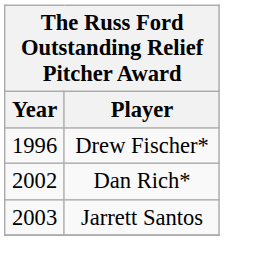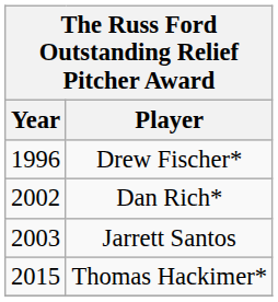 <table class="wikitable" style="display: inline-table; margin-right: 20px; text-align:center">
 <tr>
 <th scope="col" colspan="2" style="width: 145px;">The Russ Ford Outstanding Relief Pitcher Award</th>
 </tr>
 <tr>
 <th scope="col">Year</th>
 <th scope="col">Player</th>
 </tr>
 <tr>
 <td>1996</td>
 <td>Drew Fischer*</td>
 </tr>
 <tr>
 <td>2002</td>
 <td>Dan Rich*</td>
 </tr>
 <tr>
 <td>2003</td>
 <td>Jarrett Santos</td>
 </tr>
 <tr>
+<td>2015</td>
+<td>Thomas Hackimer*</td>
+</tr>
+<tr>
 </tr>
 </table>
